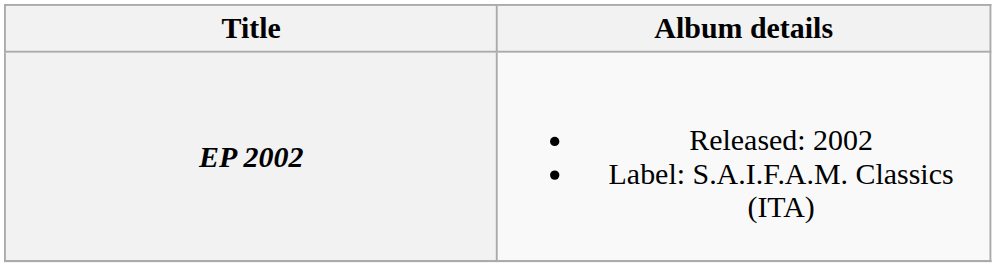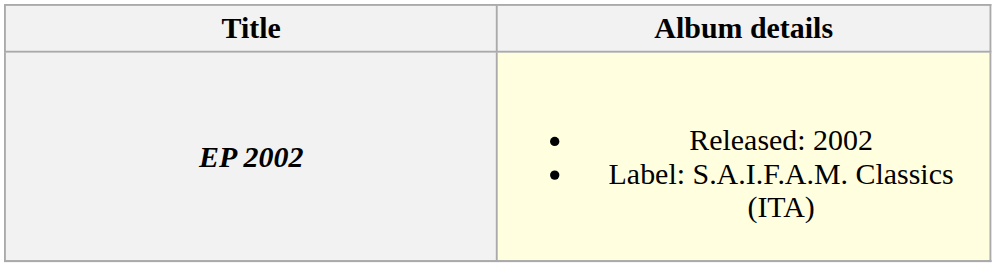 <table class="wikitable plainrowheaders" style="text-align:center;">
 <tr>
 <th scope="col" style="width:16em;">Title</th>
 <th scope="col" style="width:16em;">Album details</th>
 </tr>
 <tr>
 <th scope="row"><em>EP 2002</em></th>
-<td><br><ul><li>Released: 2002</li><li>Label: S.A.I.F.A.M. Classics <span>(ITA)</span></li></ul></td>
+<td style="background: lightyellow;"><br><ul><li>Released: 2002</li><li>Label: S.A.I.F.A.M. Classics <span>(ITA)</span></li></ul></td>
 </tr>
 <tr>
 </tr>
 </table>
